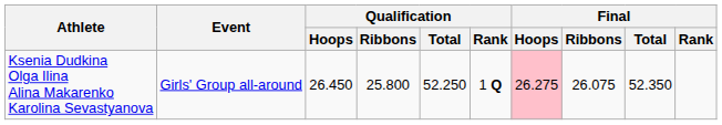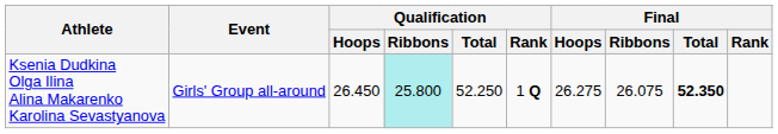 <table class="wikitable" border="1" style="font-size:90%">
 <tr>
 <th rowspan=2>Athlete</th>
 <th rowspan=2>Event</th>
 <th colspan=4>Qualification</th>
 <th colspan=4>Final</th>
 </tr>
 <tr>
 <th>Hoops</th>
 <th>Ribbons</th>
 <th>Total</th>
 <th>Rank</th>
 <th>Hoops</th>
 <th>Ribbons</th>
 <th>Total</th>
 <th>Rank</th>
 </tr>
 <tr>
 <td><a href='#'>Ksenia Dudkina</a><br><a href='#'>Olga Ilina</a><br><a href='#'>Alina Makarenko</a><br><a href='#'>Karolina Sevastyanova</a></td>
 <td><a href='#'>Girls' Group all-around</a></td>
 <td align=center>26.450</td>
-<td align=center>25.800</td>
+<td align=center style="background: paleturquoise;">25.800</td>
 <td align=center>52.250</td>
 <td align=center>1 <strong>Q</strong></td>
-<td align=center style="background: pink;">26.275</td>
+<td align=center>26.275</td>
 <td align=center>26.075</td>
-<td align=center>52.350</td>
+<td align=center><strong>52.350</strong></td>
 <td align=center></td>
 </tr>
 </table>
